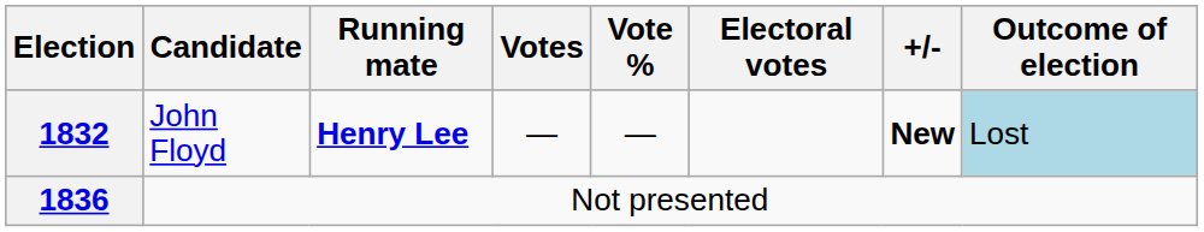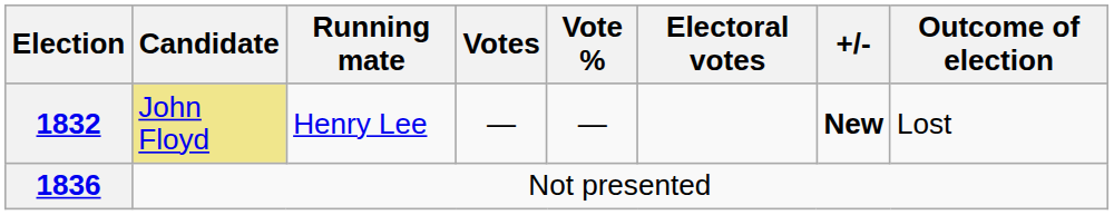 <table class="sortable wikitable">
 <tr>
 <th>Election</th>
 <th>Candidate</th>
 <th>Running mate</th>
 <th>Votes</th>
 <th>Vote %</th>
 <th>Electoral votes</th>
 <th>+/-</th>
 <th>Outcome of election</th>
 </tr>
 <tr>
 <th><a href='#'>1832</a></th>
-<td><a href='#'>John Floyd</a></td>
-<td><strong><a href='#'>Henry Lee</a></strong></td>
+<td style="background: khaki;"><a href='#'>John Floyd</a></td>
+<td><a href='#'>Henry Lee</a></td>
 <td align="center">—</td>
 <td align="center">—</td>
 <td align="left"></td>
 <td align="left"><strong>New</strong></td>
-<td align="left" style="background: lightblue;">Lost</td>
+<td align="left">Lost</td>
 </tr>
 <tr>
 <th><a href='#'>1836</a></th>
 <td align="center" colspan=7>Not presented</td>
 </tr>
 </table>
